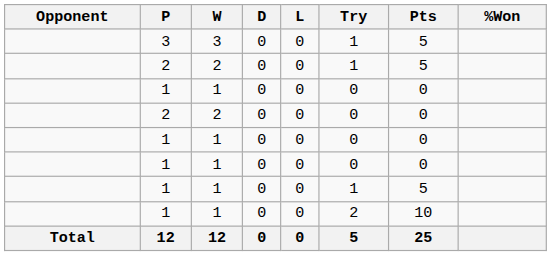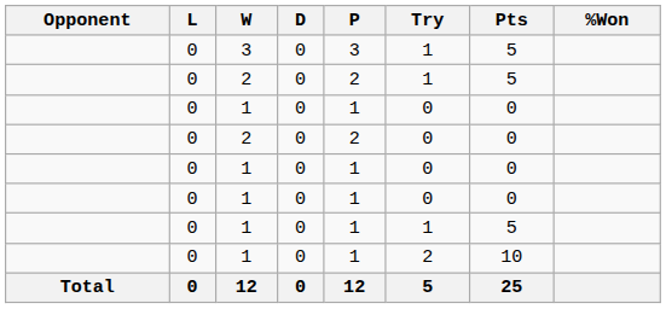 <table class="wikitable sortable" style="text-align:center;width:75%">
 <tr>
 <th style="width:25%;">Opponent</th>
-<th abbr="Played" style="width:15px;">P</th>
+<th abbr="Lost" style="width:10px;">L</th>
 <th abbr="Won" style="width:10px;">W</th>
 <th abbr="Drawn" style="width:10px;">D</th>
-<th abbr="Lost" style="width:10px;">L</th>
+<th abbr="Played" style="width:15px;">P</th>
 <th abbr="Tries" style="width:15px;">Try</th>
 <th abbr="Points" style="width:18px;">Pts</th>
 <th abbr="Won" style="width:15px;">%Won</th>
 </tr>
 <tr>
 <td align="left"></td>
-<td>3</td>
+<td>0</td>
 <td>3</td>
 <td>0</td>
-<td>0</td>
+<td>3</td>
 <td>1</td>
 <td>5</td>
 <td></td>
 </tr>
 <tr>
 <td align="left"></td>
-<td>2</td>
+<td>0</td>
 <td>2</td>
 <td>0</td>
-<td>0</td>
+<td>2</td>
 <td>1</td>
 <td>5</td>
 <td></td>
 </tr>
 <tr>
 <td align="left"></td>
-<td>1</td>
+<td>0</td>
 <td>1</td>
 <td>0</td>
-<td>0</td>
+<td>1</td>
 <td>0</td>
 <td>0</td>
 <td></td>
 </tr>
 <tr>
 <td align="left"></td>
-<td>2</td>
+<td>0</td>
 <td>2</td>
 <td>0</td>
-<td>0</td>
+<td>2</td>
 <td>0</td>
 <td>0</td>
 <td></td>
 </tr>
 <tr>
 <td align="left"></td>
-<td>1</td>
+<td>0</td>
 <td>1</td>
 <td>0</td>
-<td>0</td>
+<td>1</td>
 <td>0</td>
 <td>0</td>
 <td></td>
 </tr>
 <tr>
 <td align="left"></td>
-<td>1</td>
+<td>0</td>
 <td>1</td>
 <td>0</td>
-<td>0</td>
+<td>1</td>
 <td>0</td>
 <td>0</td>
 <td></td>
 </tr>
 <tr>
 <td align="left"></td>
-<td>1</td>
+<td>0</td>
 <td>1</td>
 <td>0</td>
-<td>0</td>
+<td>1</td>
 <td>1</td>
 <td>5</td>
 <td></td>
 </tr>
 <tr>
 <td align="left"></td>
-<td>1</td>
+<td>0</td>
 <td>1</td>
 <td>0</td>
-<td>0</td>
+<td>1</td>
 <td>2</td>
 <td>10</td>
 <td></td>
 </tr>
 <tr>
 <th>Total</th>
-<th>12</th>
+<th>0</th>
 <th>12</th>
 <th>0</th>
-<th>0</th>
+<th>12</th>
 <th>5</th>
 <th>25</th>
 <th></th>
 </tr>
 </table>
